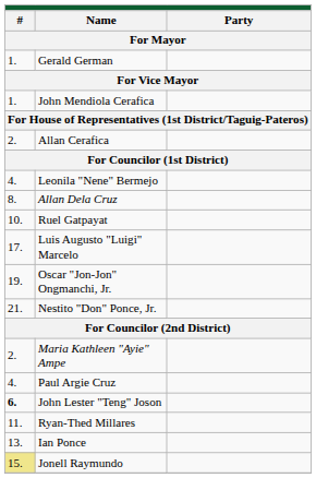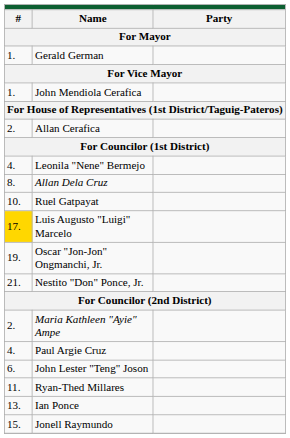 <table class=wikitable style="font-size:90%">
 <tr>
 <td colspan="4" bgcolor="#0d5f31"></td>
 </tr>
 <tr>
 <th>#</th>
 <th width=150px>Name</th>
 <th colspan=2 width=110px>Party</th>
 </tr>
 <tr>
 <th colspan="4">For Mayor</th>
 </tr>
 <tr>
 <td>1.</td>
 <td>Gerald German</td>
 <td></td>
 </tr>
 <tr>
 <th colspan="4">For Vice Mayor</th>
 </tr>
 <tr>
 <td>1.</td>
 <td>John Mendiola Cerafica</td>
 <td></td>
 </tr>
 <tr>
 <th colspan="4">For House of Representatives (1st District/Taguig-Pateros)</th>
 </tr>
 <tr>
 <td>2.</td>
 <td>Allan Cerafica</td>
 <td></td>
 </tr>
 <tr>
 <th colspan="4">For Councilor (1st District)</th>
 </tr>
 <tr>
 <td>4.</td>
 <td>Leonila "Nene" Bermejo</td>
 <td></td>
 </tr>
 <tr>
 <td>8.</td>
 <td><em>Allan Dela Cruz</em></td>
 <td></td>
 </tr>
 <tr>
 <td>10.</td>
 <td>Ruel Gatpayat</td>
 <td></td>
 </tr>
 <tr>
-<td>17.</td>
+<td style="background: gold;">17.</td>
 <td>Luis Augusto "Luigi" Marcelo</td>
 <td></td>
 </tr>
 <tr>
 <td>19.</td>
 <td>Oscar "Jon-Jon" Ongmanchi, Jr.</td>
 <td></td>
 </tr>
 <tr>
 <td>21.</td>
 <td>Nestito "Don" Ponce, Jr.</td>
 <td></td>
 </tr>
 <tr>
 <th colspan="4">For Councilor (2nd District)</th>
 </tr>
 <tr>
 <td>2.</td>
 <td><em>Maria Kathleen "Ayie" Ampe</em></td>
 <td></td>
 </tr>
 <tr>
 <td>4.</td>
 <td>Paul Argie Cruz</td>
 <td></td>
 </tr>
 <tr>
-<td><strong>6.</strong></td>
+<td>6.</td>
 <td>John Lester "Teng" Joson</td>
 <td></td>
 </tr>
 <tr>
 <td>11.</td>
 <td>Ryan-Thed Millares</td>
 <td></td>
 </tr>
 <tr>
 <td>13.</td>
 <td>Ian Ponce</td>
 <td></td>
 </tr>
 <tr>
-<td style="background: khaki;">15.</td>
+<td>15.</td>
 <td>Jonell Raymundo</td>
 <td></td>
 </tr>
 <tr>
 </tr>
 </table>
